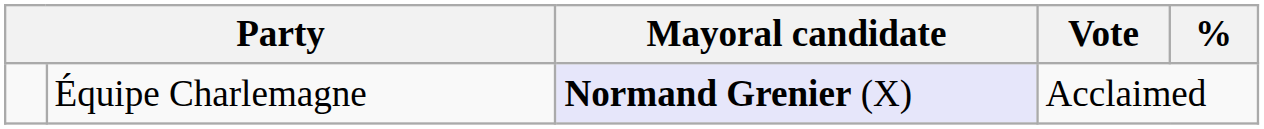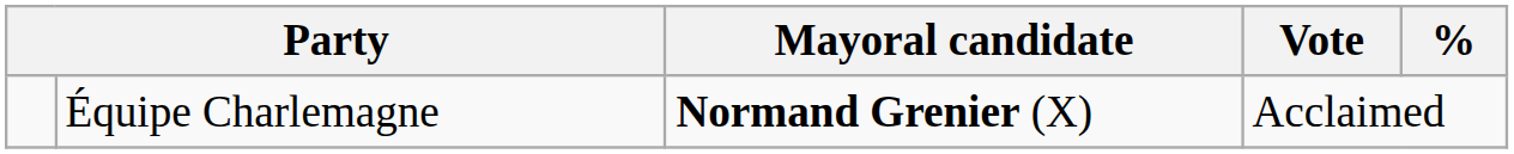 <table class="wikitable">
 <tr>
 <th bgcolor="#DDDDFF" width="230px" colspan="2">Party</th>
 <th bgcolor="#DDDDFF" width="200px">Mayoral candidate</th>
 <th bgcolor="#DDDDFF" width="50px">Vote</th>
 <th bgcolor="#DDDDFF" width="30px">%</th>
 </tr>
 <tr>
 <td> </td>
 <td>Équipe Charlemagne</td>
-<td style="background: lavender;"><strong>Normand Grenier</strong> (X)</td>
+<td><strong>Normand Grenier</strong> (X)</td>
 <td colspan="2">Acclaimed</td>
 </tr>
 </table>
